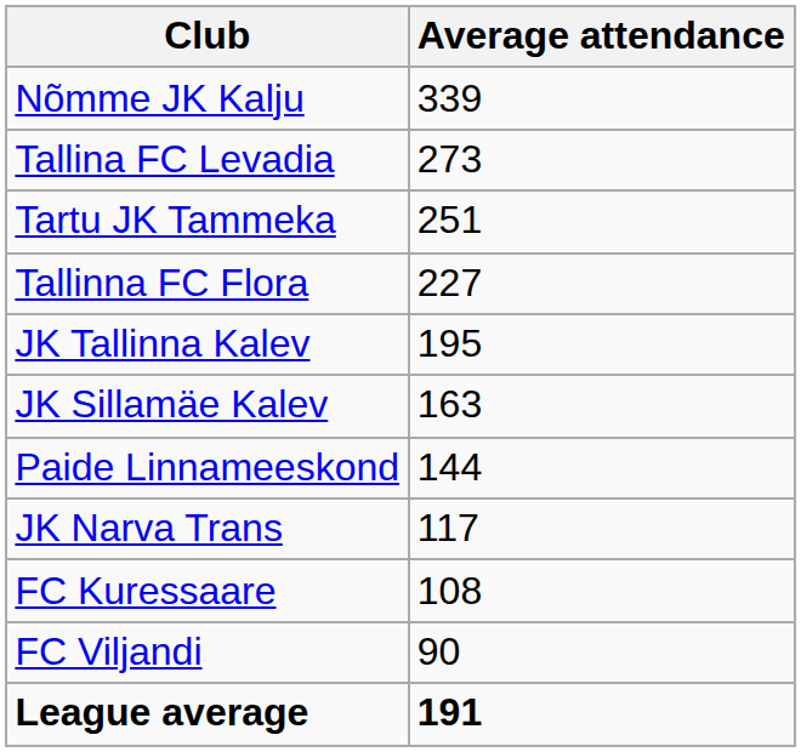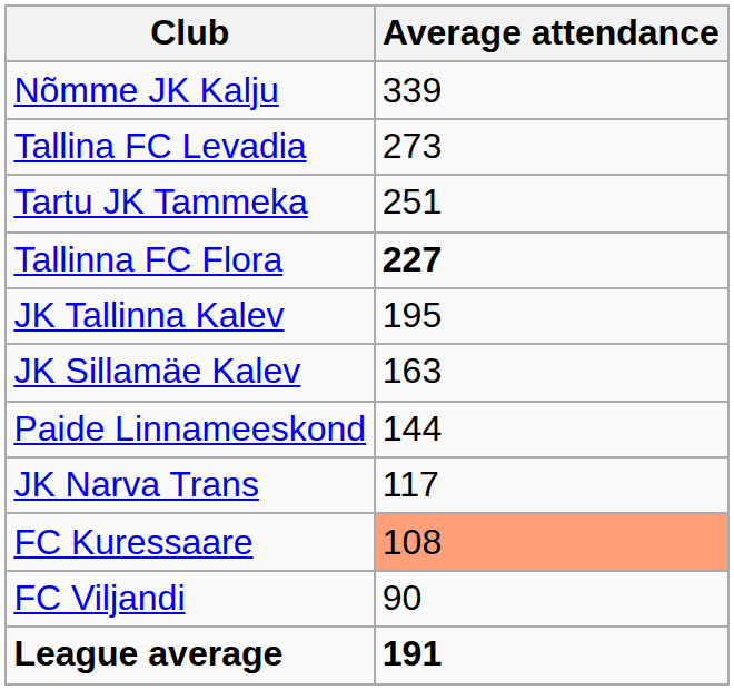 <table class="wikitable sortable">
 <tr>
 <th>Club</th>
 <th>Average attendance</th>
 </tr>
 <tr>
 <td><a href='#'>Nõmme JK Kalju</a></td>
 <td>339</td>
 </tr>
 <tr>
 <td><a href='#'>Tallina FC Levadia</a></td>
 <td>273</td>
 </tr>
 <tr>
 <td><a href='#'>Tartu JK Tammeka</a></td>
 <td>251</td>
 </tr>
 <tr>
 <td><a href='#'>Tallinna FC Flora</a></td>
-<td>227</td>
+<td><strong>227</strong></td>
 </tr>
 <tr>
 <td><a href='#'>JK Tallinna Kalev</a></td>
 <td>195</td>
 </tr>
 <tr>
 <td><a href='#'>JK Sillamäe Kalev</a></td>
 <td>163</td>
 </tr>
 <tr>
 <td><a href='#'>Paide Linnameeskond</a></td>
 <td>144</td>
 </tr>
 <tr>
 <td><a href='#'>JK Narva Trans</a></td>
 <td>117</td>
 </tr>
 <tr>
 <td><a href='#'>FC Kuressaare</a></td>
-<td>108</td>
+<td style="background: lightsalmon;">108</td>
 </tr>
 <tr>
 <td><a href='#'>FC Viljandi</a></td>
 <td>90</td>
 </tr>
 <tr>
 <td><strong>League average</strong></td>
 <td><strong>191</strong></td>
 </tr>
 </table>
